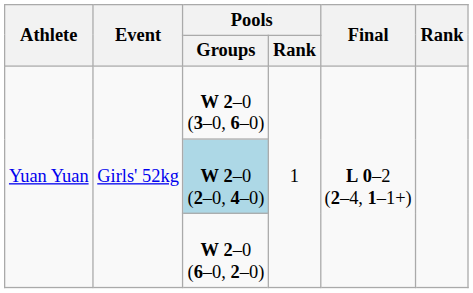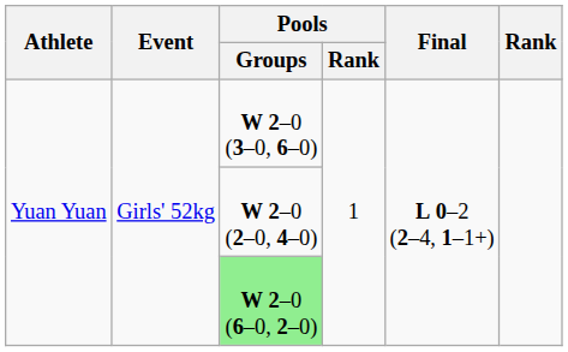 <table class="wikitable" style="text-align:left; font-size:90%">
 <tr>
 <th rowspan="2">Athlete</th>
 <th rowspan="2">Event</th>
 <th colspan="2">Pools</th>
 <th rowspan="2">Final</th>
 <th rowspan="2">Rank</th>
 </tr>
 <tr>
 <th>Groups</th>
 <th>Rank</th>
 </tr>
 <tr>
 <td rowspan="3"><a href='#'>Yuan Yuan</a></td>
 <td rowspan="3"><a href='#'>Girls' 52kg</a></td>
 <td align=center><br><strong>W</strong> <strong>2</strong>–0<br>(<strong>3</strong>–0, <strong>6</strong>–0)</td>
 <td rowspan="3" align=center>1</td>
 <td align=center rowspan=3><br><strong>L</strong> <strong>0</strong>–2<br>(<strong>2</strong>–4, <strong>1</strong>–1+)</td>
 <td rowspan="3" align="center"></td>
 </tr>
 <tr>
-<td align=center style="background: lightblue;"><br><strong>W</strong> <strong>2</strong>–0<br>(<strong>2</strong>–0, <strong>4</strong>–0)</td>
+<td align=center><br><strong>W</strong> <strong>2</strong>–0<br>(<strong>2</strong>–0, <strong>4</strong>–0)</td>
 </tr>
 <tr>
-<td align=center><br><strong>W</strong> <strong>2</strong>–0<br>(<strong>6</strong>–0, <strong>2</strong>–0)</td>
+<td align=center style="background: lightgreen;"><br><strong>W</strong> <strong>2</strong>–0<br>(<strong>6</strong>–0, <strong>2</strong>–0)</td>
 </tr>
 </table>
